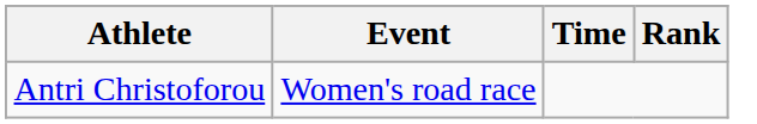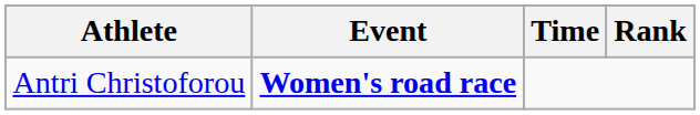 <table class="wikitable" style="font-size:90%">
 <tr>
 <th>Athlete</th>
 <th>Event</th>
 <th>Time</th>
 <th>Rank</th>
 </tr>
 <tr align=center>
 <td align=left><a href='#'>Antri Christoforou</a></td>
-<td align=left><a href='#'>Women's road race</a></td>
+<td align=left><strong><a href='#'>Women's road race</a></strong></td>
 <td colspan=2></td>
 </tr>
 </table>
